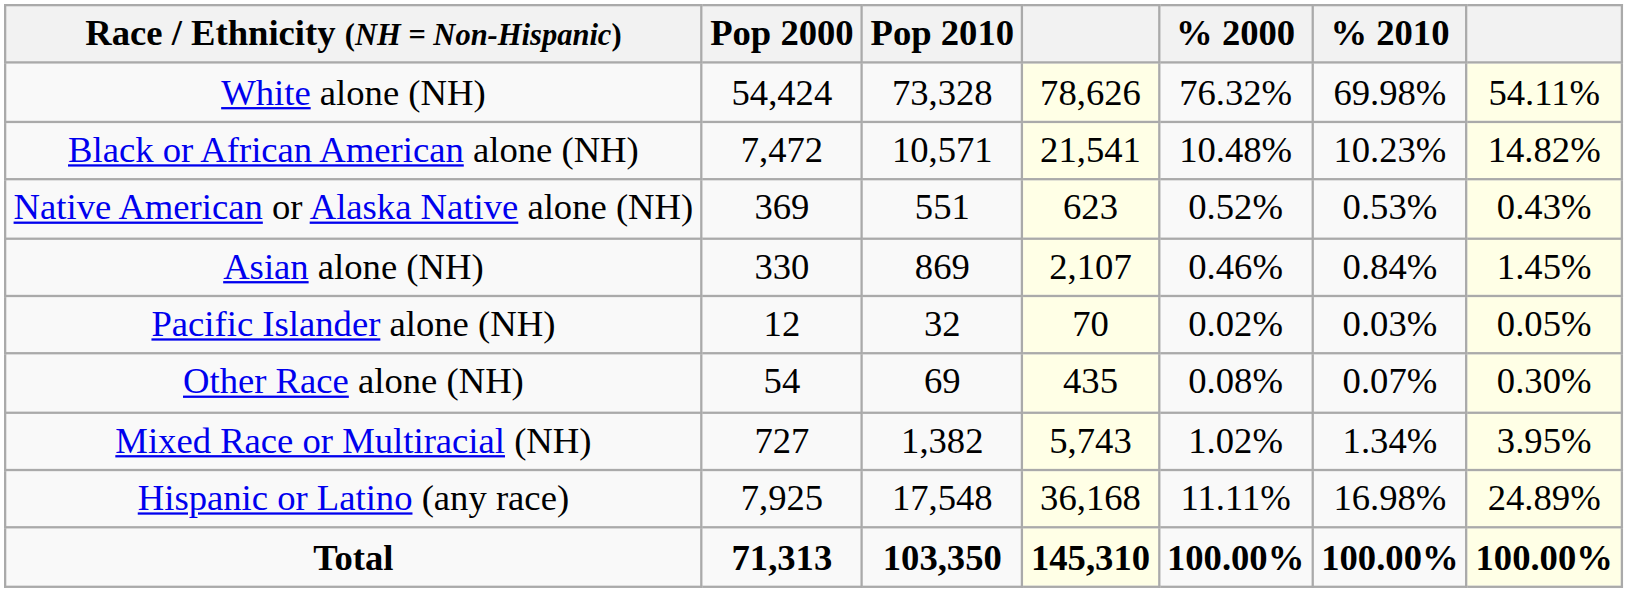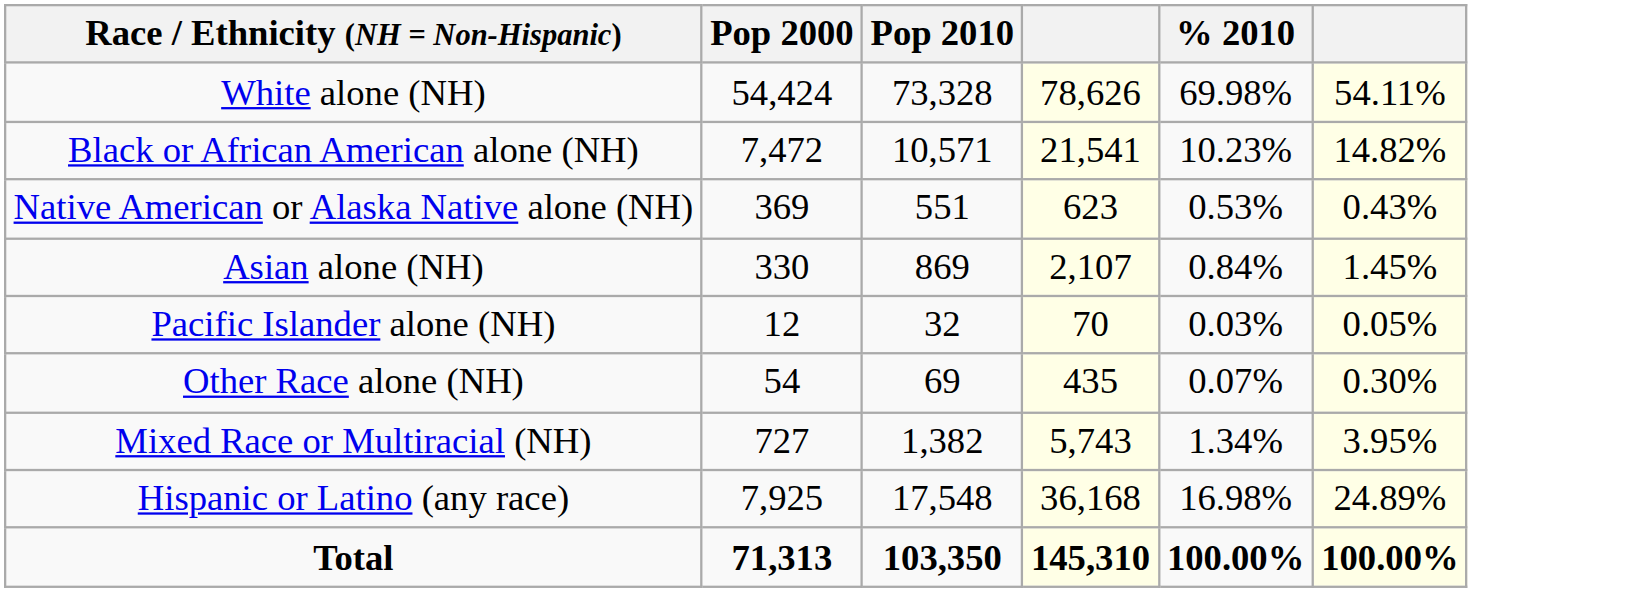 <table class="wikitable" style="text-align:center;">
 <tr>
 <th>Race / Ethnicity <small>(<em>NH = Non-Hispanic</em>)</small></th>
 <th>Pop 2000</th>
 <th>Pop 2010</th>
 <th></th>
-<th>% 2000</th>
 <th>% 2010</th>
 <th></th>
 </tr>
 <tr>
 <td><a href='#'>White</a> alone (NH)</td>
 <td>54,424</td>
 <td>73,328</td>
 <td style='background: #ffffe6;'>78,626</td>
-<td>76.32%</td>
 <td>69.98%</td>
 <td style='background: #ffffe6;'>54.11%</td>
 </tr>
 <tr>
 <td><a href='#'>Black or African American</a> alone (NH)</td>
 <td>7,472</td>
 <td>10,571</td>
 <td style='background: #ffffe6;'>21,541</td>
-<td>10.48%</td>
 <td>10.23%</td>
 <td style='background: #ffffe6;'>14.82%</td>
 </tr>
 <tr>
 <td><a href='#'>Native American</a> or <a href='#'>Alaska Native</a> alone (NH)</td>
 <td>369</td>
 <td>551</td>
 <td style='background: #ffffe6;'>623</td>
-<td>0.52%</td>
 <td>0.53%</td>
 <td style='background: #ffffe6;'>0.43%</td>
 </tr>
 <tr>
 <td><a href='#'>Asian</a> alone (NH)</td>
 <td>330</td>
 <td>869</td>
 <td style='background: #ffffe6;'>2,107</td>
-<td>0.46%</td>
 <td>0.84%</td>
 <td style='background: #ffffe6;'>1.45%</td>
 </tr>
 <tr>
 <td><a href='#'>Pacific Islander</a> alone (NH)</td>
 <td>12</td>
 <td>32</td>
 <td style='background: #ffffe6;'>70</td>
-<td>0.02%</td>
 <td>0.03%</td>
 <td style='background: #ffffe6;'>0.05%</td>
 </tr>
 <tr>
 <td><a href='#'>Other Race</a>  alone (NH)</td>
 <td>54</td>
 <td>69</td>
 <td style='background: #ffffe6;'>435</td>
-<td>0.08%</td>
 <td>0.07%</td>
 <td style='background: #ffffe6;'>0.30%</td>
 </tr>
 <tr>
 <td><a href='#'>Mixed Race or Multiracial</a> (NH)</td>
 <td>727</td>
 <td>1,382</td>
 <td style='background: #ffffe6;'>5,743</td>
-<td>1.02%</td>
 <td>1.34%</td>
 <td style='background: #ffffe6;'>3.95%</td>
 </tr>
 <tr>
 <td><a href='#'>Hispanic or Latino</a> (any race)</td>
 <td>7,925</td>
 <td>17,548</td>
 <td style='background: #ffffe6;'>36,168</td>
-<td>11.11%</td>
 <td>16.98%</td>
 <td style='background: #ffffe6;'>24.89%</td>
 </tr>
 <tr>
 <td><strong>Total</strong></td>
 <td><strong>71,313</strong></td>
 <td><strong>103,350</strong></td>
 <td style='background: #ffffe6;'><strong>145,310</strong></td>
 <td><strong>100.00%</strong></td>
-<td><strong>100.00%</strong></td>
 <td style='background: #ffffe6;'><strong>100.00%</strong></td>
 </tr>
 </table>
